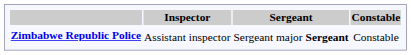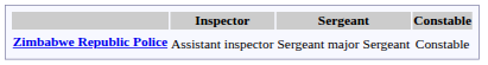 <table style="border:1px solid #8888aa; background-color:#f7f8ff; padding:5px; font-size:95%; margin: 0px 12px 12px 0px;">
 <tr style="background-color:#CCCCCC;">
 <th></th>
 <th colspan=1>Inspector</th>
 <th colspan=2>Sergeant</th>
 <th colspan=1>Constable</th>
 </tr>
 <tr style="text-align:center;">
 <td rowspan=2> <strong><a href='#'>Zimbabwe Republic Police</a></strong></td>
 <td></td>
 <td></td>
 <td></td>
 <td></td>
 </tr>
 <tr style="text-align:center;">
 <td>Assistant inspector</td>
 <td>Sergeant major</td>
-<td><strong>Sergeant</strong></td>
+<td>Sergeant</td>
 <td>Constable</td>
 </tr>
 </table>
